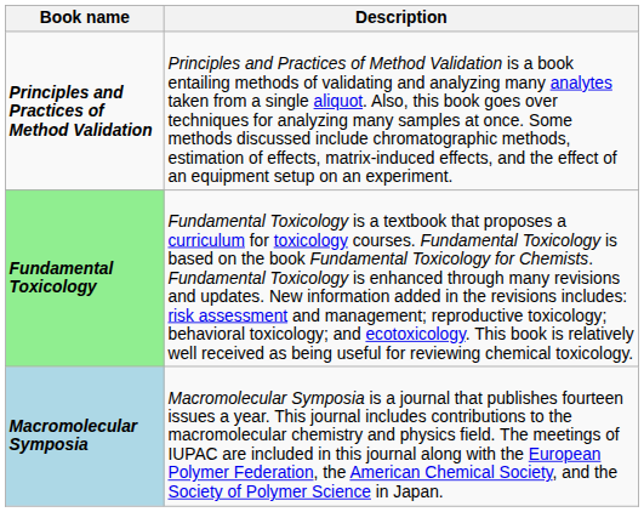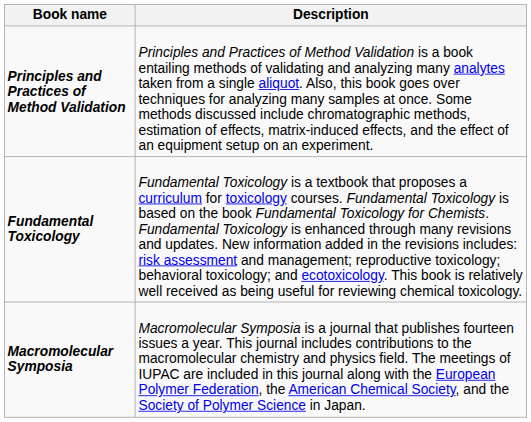 <table class="wikitable">
 <tr>
 <th>Book name</th>
 <th>Description</th>
 </tr>
 <tr>
 <td><strong><em>Principles and Practices of Method Validation</em></strong></td>
 <td><br><em>Principles and Practices of Method Validation</em> is a book entailing methods of validating and analyzing many <a href='#'>analytes</a> taken from a single <a href='#'>aliquot</a>. Also, this book goes over techniques for analyzing many samples at once. Some methods discussed include chromatographic methods, estimation of effects, matrix-induced effects, and the effect of an equipment setup on an experiment.</td>
 </tr>
 <tr>
-<td style="background: lightgreen;"><strong><em>Fundamental Toxicology</em></strong></td>
+<td><strong><em>Fundamental Toxicology</em></strong></td>
 <td><br><em>Fundamental Toxicology</em> is a textbook that proposes a <a href='#'>curriculum</a> for <a href='#'>toxicology</a> courses. <em>Fundamental Toxicology</em> is based on the book <em>Fundamental Toxicology for Chemists</em>. <em>Fundamental Toxicology</em> is enhanced through many revisions and updates. New information added in the revisions includes: <a href='#'>risk assessment</a> and management; reproductive toxicology; behavioral toxicology; and <a href='#'>ecotoxicology</a>. This book is relatively well received as being useful for reviewing chemical toxicology.</td>
 </tr>
 <tr>
-<td style="background: lightblue;"><strong><em>Macromolecular Symposia</em></strong></td>
+<td><strong><em>Macromolecular Symposia</em></strong></td>
 <td><br><em>Macromolecular Symposia</em> is a journal that publishes fourteen issues a year. This journal includes contributions to the macromolecular chemistry and physics field. The meetings of IUPAC are included in this journal along with the <a href='#'>European Polymer Federation</a>, the <a href='#'>American Chemical Society</a>, and the <a href='#'>Society of Polymer Science</a> in Japan.</td>
 </tr>
 </table>
